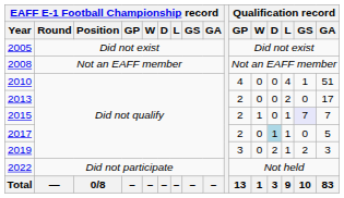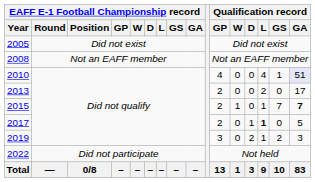 <table class="wikitable" style="text-align: center;">
 <tr>
 <th colspan=9><a href='#'>EAFF E-1 Football Championship</a> record</th>
 <th rowspan=11></th>
 <th colspan=9>Qualification record</th>
 </tr>
 <tr>
 <th>Year</th>
 <th>Round</th>
 <th>Position</th>
 <th>GP</th>
 <th>W</th>
 <th>D</th>
 <th>L</th>
 <th>GS</th>
 <th>GA</th>
 <th>GP</th>
 <th>W</th>
 <th>D</th>
 <th>L</th>
 <th>GS</th>
 <th>GA</th>
 </tr>
 <tr>
 <td> <a href='#'>2005</a></td>
 <td colspan=8><em>Did not exist</em></td>
 <td colspan=6><em>Did not exist</em></td>
 </tr>
 <tr>
 <td> <a href='#'>2008</a></td>
 <td colspan=8><em>Not an EAFF member</em></td>
 <td colspan=6><em>Not an EAFF member</em></td>
 </tr>
 <tr>
 <td> <a href='#'>2010</a></td>
 <td colspan=8 rowspan=5><em>Did not qualify</em></td>
 <td>4</td>
 <td>0</td>
 <td>0</td>
 <td>4</td>
 <td>1</td>
-<td>51</td>
+<td style="background: lavender;">51</td>
 </tr>
 <tr>
 <td> <a href='#'>2013</a></td>
 <td>2</td>
 <td>0</td>
 <td>0</td>
 <td>2</td>
 <td>0</td>
 <td>17</td>
 </tr>
 <tr>
 <td> <a href='#'>2015</a></td>
 <td>2</td>
 <td>1</td>
 <td>0</td>
 <td>1</td>
-<td style="background: lavender;">7</td>
 <td>7</td>
+<td><strong>7</strong></td>
 </tr>
 <tr>
 <td> <a href='#'>2017</a></td>
 <td>2</td>
 <td>0</td>
-<td style="background: lightblue;">1</td>
 <td>1</td>
+<td><strong>1</strong></td>
 <td>0</td>
 <td>5</td>
 </tr>
 <tr>
 <td> <a href='#'>2019</a></td>
 <td>3</td>
 <td>0</td>
 <td>2</td>
 <td>1</td>
 <td>2</td>
 <td>3</td>
 </tr>
 <tr>
 <td> <a href='#'>2022</a></td>
 <td colspan=8><em>Did not participate</em></td>
 <td colspan=6><em>Not held</em></td>
 </tr>
 <tr>
 <th><strong>Total</strong></th>
 <th><strong>—</strong></th>
 <th><strong>0/8</strong></th>
 <th><strong>–</strong></th>
 <th><strong>–</strong></th>
 <th><strong>–</strong></th>
 <th><strong>–</strong></th>
 <th><strong>–</strong></th>
 <th><strong>–</strong></th>
 <th><strong>13</strong></th>
 <th><strong>1</strong></th>
 <th><strong>3</strong></th>
 <th><strong>9</strong></th>
 <th><strong>10</strong></th>
 <th><strong>83</strong></th>
 </tr>
 </table>
